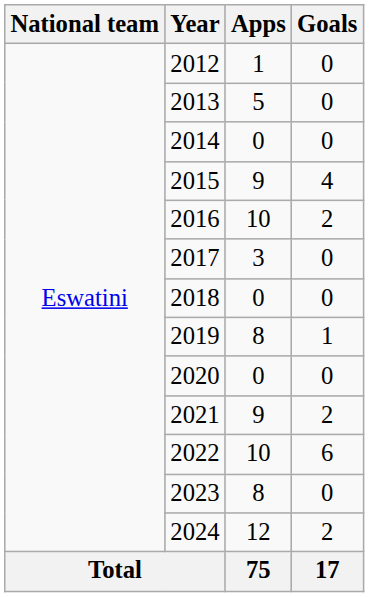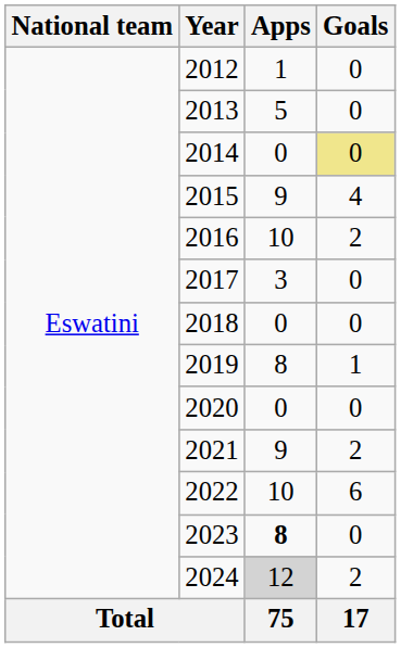 <table class="wikitable" style="text-align:center">
 <tr>
 <th>National team</th>
 <th>Year</th>
 <th>Apps</th>
 <th>Goals</th>
 </tr>
 <tr>
 <td rowspan=13><a href='#'>Eswatini</a></td>
 <td>2012</td>
 <td>1</td>
 <td>0</td>
 </tr>
 <tr>
 <td>2013</td>
 <td>5</td>
 <td>0</td>
 </tr>
 <tr>
 <td>2014</td>
 <td>0</td>
-<td>0</td>
+<td style="background: khaki;">0</td>
 </tr>
 <tr>
 <td>2015</td>
 <td>9</td>
 <td>4</td>
 </tr>
 <tr>
 <td>2016</td>
 <td>10</td>
 <td>2</td>
 </tr>
 <tr>
 <td>2017</td>
 <td>3</td>
 <td>0</td>
 </tr>
 <tr>
 <td>2018</td>
 <td>0</td>
 <td>0</td>
 </tr>
 <tr>
 <td>2019</td>
 <td>8</td>
 <td>1</td>
 </tr>
 <tr>
 <td>2020</td>
 <td>0</td>
 <td>0</td>
 </tr>
 <tr>
 <td>2021</td>
 <td>9</td>
 <td>2</td>
 </tr>
 <tr>
 <td>2022</td>
 <td>10</td>
 <td>6</td>
 </tr>
 <tr>
 <td>2023</td>
-<td>8</td>
+<td><strong>8</strong></td>
 <td>0</td>
 </tr>
 <tr>
 <td>2024</td>
-<td>12</td>
+<td style="background: lightgrey;">12</td>
 <td>2</td>
 </tr>
 <tr>
 <th colspan=2>Total</th>
 <th>75</th>
 <th>17</th>
 </tr>
 </table>
